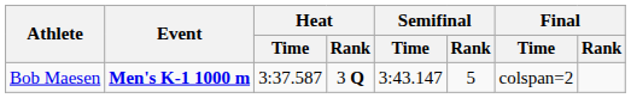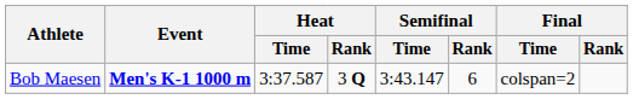 <table class=wikitable style="font-size:90%; text-align:center">
 <tr>
 <th rowspan=2>Athlete</th>
 <th rowspan=2>Event</th>
 <th colspan=2>Heat</th>
 <th colspan=2>Semifinal</th>
 <th colspan=2>Final</th>
 </tr>
 <tr style=font-size:95%>
 <th>Time</th>
 <th>Rank</th>
 <th>Time</th>
 <th>Rank</th>
 <th>Time</th>
 <th>Rank</th>
 </tr>
 <tr>
 <td align=left><a href='#'>Bob Maesen</a></td>
 <td align=left><strong><a href='#'>Men's K-1 1000 m</a></strong></td>
 <td>3:37.587</td>
 <td>3 <strong>Q</strong></td>
 <td>3:43.147</td>
-<td>5</td>
+<td>6</td>
 <td>colspan=2 </td>
 </tr>
 </table>
